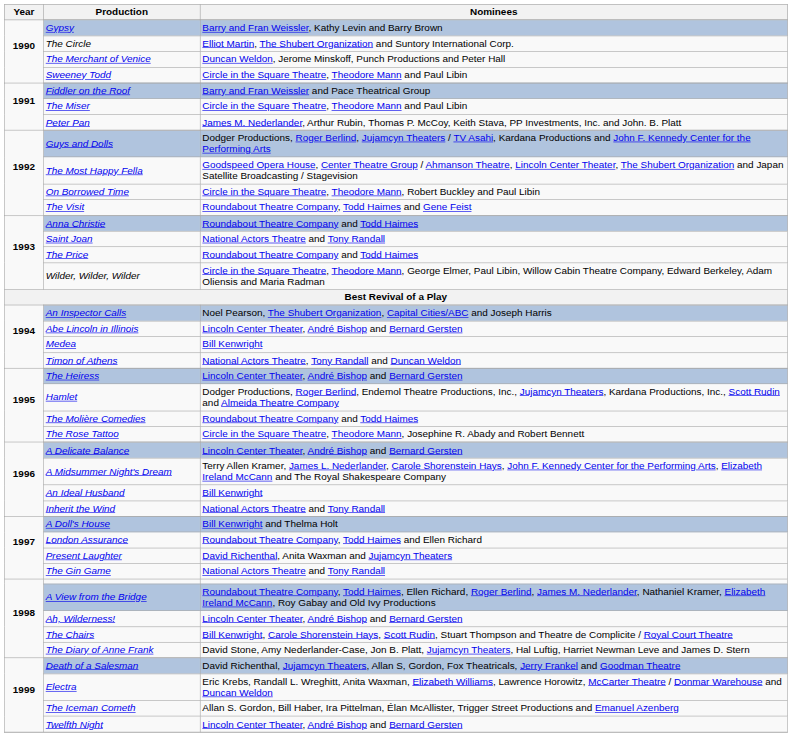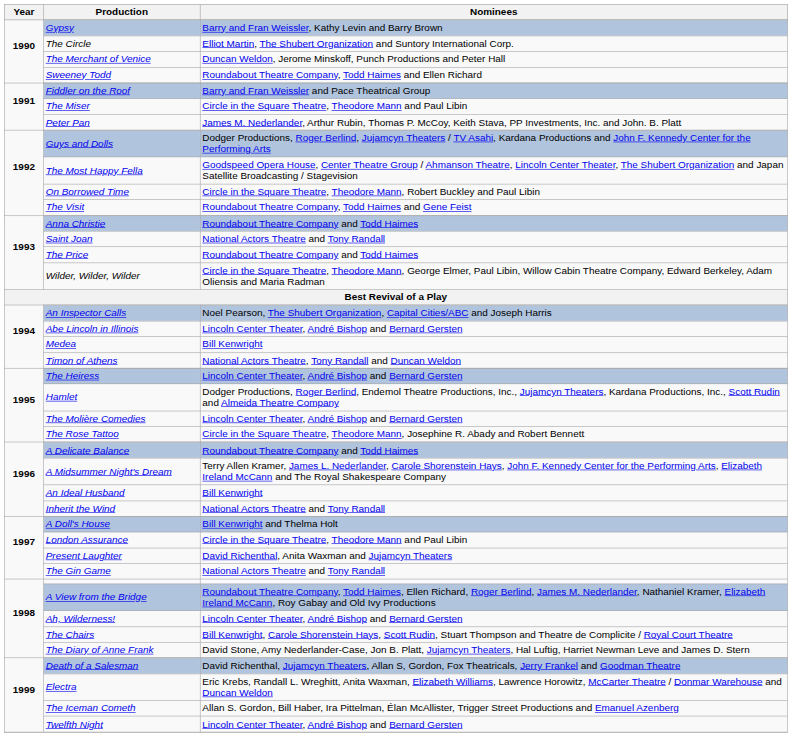 <table class="wikitable" style="width:100%;">
 <tr style="background:#bebebe;">
 <th style="width:5%;">Year</th>
 <th style="width:20%;">Production</th>
 <th style="width:75%;">Nominees</th>
 </tr>
 <tr>
 <td rowspan="5" align="center"><strong>1990</strong><br><br></td>
 </tr>
 <tr style="background:#B0C4DE">
 <td><em><a href='#'>Gypsy</a></em></td>
 <td><a href='#'>Barry and Fran Weissler</a>, Kathy Levin and Barry Brown</td>
 </tr>
 <tr>
 <td><em>The Circle</em></td>
 <td><a href='#'>Elliot Martin</a>, <a href='#'>The Shubert Organization</a> and Suntory International Corp.</td>
 </tr>
 <tr>
 <td><em><a href='#'>The Merchant of Venice</a></em></td>
 <td><a href='#'>Duncan Weldon</a>, Jerome Minskoff, Punch Productions and Peter Hall</td>
 </tr>
 <tr>
 <td><em><a href='#'>Sweeney Todd</a></em></td>
-<td><a href='#'>Circle in the Square Theatre</a>, <a href='#'>Theodore Mann</a> and Paul Libin</td>
+<td><a href='#'>Roundabout Theatre Company</a>, <a href='#'>Todd Haimes</a> and Ellen Richard</td>
 </tr>
 <tr>
 <td rowspan="4" align="center"><strong>1991</strong><br><br></td>
 </tr>
 <tr style="background:#B0C4DE">
 <td><em><a href='#'>Fiddler on the Roof</a></em></td>
 <td><a href='#'>Barry and Fran Weissler</a> and Pace Theatrical Group</td>
 </tr>
 <tr>
 <td><em><a href='#'>The Miser</a></em></td>
 <td><a href='#'>Circle in the Square Theatre</a>, <a href='#'>Theodore Mann</a> and Paul Libin</td>
 </tr>
 <tr>
 <td><em><a href='#'>Peter Pan</a></em></td>
 <td><a href='#'>James M. Nederlander</a>, Arthur Rubin, Thomas P. McCoy, Keith Stava, PP Investments, Inc. and John. B. Platt</td>
 </tr>
 <tr>
 <td rowspan="5" align="center"><strong>1992</strong><br><br></td>
 </tr>
 <tr style="background:#B0C4DE">
 <td><em><a href='#'>Guys and Dolls</a></em></td>
 <td>Dodger Productions, <a href='#'>Roger Berlind</a>, <a href='#'>Jujamcyn Theaters</a> / <a href='#'>TV Asahi</a>, Kardana Productions and <a href='#'>John F. Kennedy Center for the Performing Arts</a></td>
 </tr>
 <tr>
 <td><em><a href='#'>The Most Happy Fella</a></em></td>
 <td><a href='#'>Goodspeed Opera House</a>, <a href='#'>Center Theatre Group</a> / <a href='#'>Ahmanson Theatre</a>, <a href='#'>Lincoln Center Theater</a>, <a href='#'>The Shubert Organization</a> and Japan Satellite Broadcasting / Stagevision</td>
 </tr>
 <tr>
 <td><em><a href='#'>On Borrowed Time</a></em></td>
 <td><a href='#'>Circle in the Square Theatre</a>, <a href='#'>Theodore Mann</a>, Robert Buckley and Paul Libin</td>
 </tr>
 <tr>
 <td><em><a href='#'>The Visit</a></em></td>
 <td><a href='#'>Roundabout Theatre Company</a>, <a href='#'>Todd Haimes</a> and <a href='#'>Gene Feist</a></td>
 </tr>
 <tr>
 <td rowspan="5" align="center"><strong>1993</strong><br><br></td>
 </tr>
 <tr style="background:#B0C4DE">
 <td><em><a href='#'>Anna Christie</a></em></td>
 <td><a href='#'>Roundabout Theatre Company</a> and <a href='#'>Todd Haimes</a></td>
 </tr>
 <tr>
 <td><em><a href='#'>Saint Joan</a></em></td>
 <td><a href='#'>National Actors Theatre</a> and <a href='#'>Tony Randall</a></td>
 </tr>
 <tr>
 <td><em><a href='#'>The Price</a></em></td>
 <td><a href='#'>Roundabout Theatre Company</a> and <a href='#'>Todd Haimes</a></td>
 </tr>
 <tr>
 <td><em>Wilder, Wilder, Wilder</em></td>
 <td><a href='#'>Circle in the Square Theatre</a>, <a href='#'>Theodore Mann</a>, George Elmer, Paul Libin, Willow Cabin Theatre Company, Edward Berkeley, Adam Oliensis and Maria Radman</td>
 </tr>
 <tr>
 <th colspan="5">Best Revival of a Play</th>
 </tr>
 <tr>
 <td rowspan="5" align="center"><strong>1994</strong><br><br></td>
 </tr>
 <tr style="background:#B0C4DE">
 <td><em><a href='#'>An Inspector Calls</a></em></td>
 <td>Noel Pearson, <a href='#'>The Shubert Organization</a>, <a href='#'>Capital Cities/ABC</a> and Joseph Harris</td>
 </tr>
 <tr>
 <td><em><a href='#'>Abe Lincoln in Illinois</a></em></td>
 <td><a href='#'>Lincoln Center Theater</a>, <a href='#'>André Bishop</a> and <a href='#'>Bernard Gersten</a></td>
 </tr>
 <tr>
 <td><em><a href='#'>Medea</a></em></td>
 <td><a href='#'>Bill Kenwright</a></td>
 </tr>
 <tr>
 <td><em><a href='#'>Timon of Athens</a></em></td>
 <td><a href='#'>National Actors Theatre</a>, <a href='#'>Tony Randall</a> and <a href='#'>Duncan Weldon</a></td>
 </tr>
 <tr>
 <td rowspan="5" align="center"><strong>1995</strong><br><br></td>
 </tr>
 <tr style="background:#B0C4DE">
 <td><em><a href='#'>The Heiress</a></em></td>
 <td><a href='#'>Lincoln Center Theater</a>, <a href='#'>André Bishop</a> and <a href='#'>Bernard Gersten</a></td>
 </tr>
 <tr>
 <td><em><a href='#'>Hamlet</a></em></td>
 <td>Dodger Productions, <a href='#'>Roger Berlind</a>, Endemol Theatre Productions, Inc., <a href='#'>Jujamcyn Theaters</a>, Kardana Productions, Inc., <a href='#'>Scott Rudin</a> and <a href='#'>Almeida Theatre Company</a></td>
 </tr>
 <tr>
 <td><em><a href='#'>The Molière Comedies</a></em></td>
-<td><a href='#'>Roundabout Theatre Company</a> and <a href='#'>Todd Haimes</a></td>
+<td><a href='#'>Lincoln Center Theater</a>, <a href='#'>André Bishop</a> and <a href='#'>Bernard Gersten</a></td>
 </tr>
 <tr>
 <td><em><a href='#'>The Rose Tattoo</a></em></td>
 <td><a href='#'>Circle in the Square Theatre</a>, <a href='#'>Theodore Mann</a>, Josephine R. Abady and Robert Bennett</td>
 </tr>
 <tr>
 <td rowspan="5" align="center"><strong>1996</strong><br><br></td>
 </tr>
 <tr style="background:#B0C4DE">
 <td><em><a href='#'>A Delicate Balance</a></em></td>
-<td><a href='#'>Lincoln Center Theater</a>, <a href='#'>André Bishop</a> and <a href='#'>Bernard Gersten</a></td>
+<td><a href='#'>Roundabout Theatre Company</a> and <a href='#'>Todd Haimes</a></td>
 </tr>
 <tr>
 <td><em><a href='#'>A Midsummer Night's Dream</a></em></td>
 <td>Terry Allen Kramer, <a href='#'>James L. Nederlander</a>, <a href='#'>Carole Shorenstein Hays</a>, <a href='#'>John F. Kennedy Center for the Performing Arts</a>, <a href='#'>Elizabeth Ireland McCann</a> and The Royal Shakespeare Company</td>
 </tr>
 <tr>
 <td><em><a href='#'>An Ideal Husband</a></em></td>
 <td><a href='#'>Bill Kenwright</a></td>
 </tr>
 <tr>
 <td><em><a href='#'>Inherit the Wind</a></em></td>
 <td><a href='#'>National Actors Theatre</a> and <a href='#'>Tony Randall</a></td>
 </tr>
 <tr>
 <td rowspan="5" align="center"><strong>1997</strong><br><br></td>
 </tr>
 <tr style="background:#B0C4DE">
 <td><em><a href='#'>A Doll's House</a></em></td>
 <td><a href='#'>Bill Kenwright</a> and Thelma Holt</td>
 </tr>
 <tr>
 <td><em><a href='#'>London Assurance</a></em></td>
-<td><a href='#'>Roundabout Theatre Company</a>, <a href='#'>Todd Haimes</a> and Ellen Richard</td>
+<td><a href='#'>Circle in the Square Theatre</a>, <a href='#'>Theodore Mann</a> and Paul Libin</td>
 </tr>
 <tr>
 <td><em><a href='#'>Present Laughter</a></em></td>
 <td><a href='#'>David Richenthal</a>, Anita Waxman and <a href='#'>Jujamcyn Theaters</a></td>
 </tr>
 <tr>
 <td><em><a href='#'>The Gin Game</a></em></td>
 <td><a href='#'>National Actors Theatre</a> and <a href='#'>Tony Randall</a></td>
 </tr>
 <tr>
 <td rowspan="5" align="center"><strong>1998</strong><br><br></td>
 <td></td>
 </tr>
 <tr style="background:#B0C4DE">
 <td><em><a href='#'>A View from the Bridge</a></em></td>
 <td><a href='#'>Roundabout Theatre Company</a>, <a href='#'>Todd Haimes</a>, Ellen Richard, <a href='#'>Roger Berlind</a>, <a href='#'>James M. Nederlander</a>, Nathaniel Kramer, <a href='#'>Elizabeth Ireland McCann</a>, Roy Gabay and Old Ivy Productions</td>
 </tr>
 <tr>
 <td><em><a href='#'>Ah, Wilderness!</a></em></td>
 <td><a href='#'>Lincoln Center Theater</a>, <a href='#'>André Bishop</a> and <a href='#'>Bernard Gersten</a></td>
 </tr>
 <tr>
 <td><em><a href='#'>The Chairs</a></em></td>
 <td><a href='#'>Bill Kenwright</a>, <a href='#'>Carole Shorenstein Hays</a>, <a href='#'>Scott Rudin</a>, Stuart Thompson and Theatre de Complicite / <a href='#'>Royal Court Theatre</a></td>
 </tr>
 <tr>
 <td><em><a href='#'>The Diary of Anne Frank</a></em></td>
 <td>David Stone, Amy Nederlander-Case, Jon B. Platt, <a href='#'>Jujamcyn Theaters</a>, Hal Luftig, Harriet Newman Leve and James D. Stern</td>
 </tr>
 <tr>
 <td rowspan="5" align="center"><strong>1999</strong><br><br></td>
 </tr>
 <tr style="background:#B0C4DE">
 <td><em><a href='#'>Death of a Salesman</a></em></td>
 <td>David Richenthal, <a href='#'>Jujamcyn Theaters</a>, Allan S, Gordon, Fox Theatricals, <a href='#'>Jerry Frankel</a> and <a href='#'>Goodman Theatre</a></td>
 </tr>
 <tr>
 <td><em><a href='#'>Electra</a></em></td>
 <td>Eric Krebs, Randall L. Wreghitt, Anita Waxman, <a href='#'>Elizabeth Williams</a>, Lawrence Horowitz, <a href='#'>McCarter Theatre</a> / <a href='#'>Donmar Warehouse</a> and <a href='#'>Duncan Weldon</a></td>
 </tr>
 <tr>
 <td><em><a href='#'>The Iceman Cometh</a></em></td>
 <td>Allan S. Gordon, Bill Haber, Ira Pittelman, Élan McAllister, Trigger Street Productions and <a href='#'>Emanuel Azenberg</a></td>
 </tr>
 <tr>
 <td><em><a href='#'>Twelfth Night</a></em></td>
 <td><a href='#'>Lincoln Center Theater</a>, <a href='#'>André Bishop</a> and <a href='#'>Bernard Gersten</a></td>
 </tr>
 <tr>
 </tr>
 </table>
